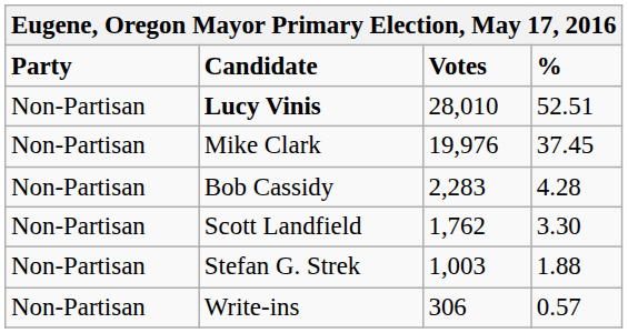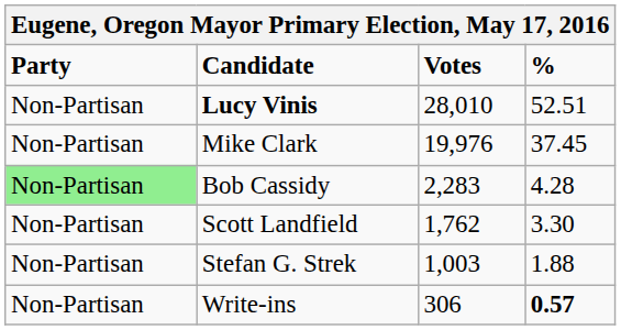 <table class="wikitable">
 <tr>
 <th colspan="4">Eugene, Oregon Mayor Primary Election, May 17, 2016</th>
 </tr>
 <tr>
 <td><strong>Party</strong></td>
 <td><strong>Candidate</strong></td>
 <td><strong>Votes</strong></td>
 <td><strong>%</strong></td>
 </tr>
 <tr>
 <td>Non-Partisan</td>
 <td><strong>Lucy Vinis</strong></td>
 <td>28,010</td>
 <td>52.51</td>
 </tr>
 <tr>
 <td>Non-Partisan</td>
 <td>Mike Clark</td>
 <td>19,976</td>
 <td>37.45</td>
 </tr>
 <tr>
-<td>Non-Partisan</td>
+<td style="background: lightgreen;">Non-Partisan</td>
 <td>Bob Cassidy</td>
 <td>2,283</td>
 <td>4.28</td>
 </tr>
 <tr>
 <td>Non-Partisan</td>
 <td>Scott Landfield</td>
 <td>1,762</td>
 <td>3.30</td>
 </tr>
 <tr>
 <td>Non-Partisan</td>
 <td>Stefan G. Strek</td>
 <td>1,003</td>
 <td>1.88</td>
 </tr>
 <tr>
 <td>Non-Partisan</td>
 <td>Write-ins</td>
 <td>306</td>
-<td>0.57</td>
+<td><strong>0.57</strong></td>
 </tr>
 </table>
